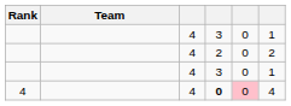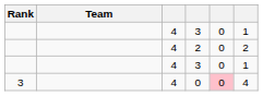 <table class="wikitable" style="text-align: center; font-size:90% ">
 <tr>
 <th width=35>Rank</th>
 <th width=160>Team</th>
 <th width=25></th>
 <th width=25></th>
 <th width=25></th>
 <th width=25></th>
 </tr>
 <tr>
 <td></td>
 <td align=left></td>
 <td>4</td>
 <td>3</td>
 <td>0</td>
 <td>1</td>
 </tr>
 <tr>
 <td></td>
 <td align=left></td>
 <td>4</td>
 <td>2</td>
 <td>0</td>
 <td>2</td>
 </tr>
 <tr>
 <td></td>
 <td align=left></td>
 <td>4</td>
 <td>3</td>
 <td>0</td>
 <td>1</td>
 </tr>
 <tr>
-<td>4</td>
+<td>3</td>
 <td align=left></td>
 <td>4</td>
-<td><strong>0</strong></td>
+<td>0</td>
 <td style="background: pink;">0</td>
 <td>4</td>
 </tr>
 </table>
